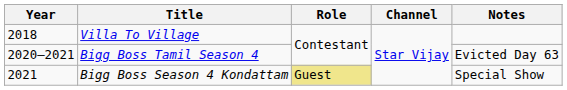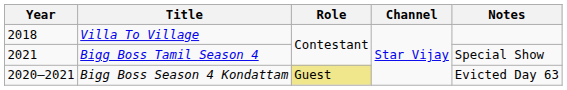 <table class="wikitable sortable">
 <tr style="background:#ccc; text-align:center;">
 <th>Year</th>
 <th>Title</th>
 <th>Role</th>
 <th>Channel</th>
 <th class="unsortable">Notes</th>
 </tr>
 <tr>
 <td>2018</td>
 <td><em><a href='#'>Villa To Village</a></em></td>
 <td rowspan="2">Contestant</td>
 <td rowspan="3"><a href='#'>Star Vijay</a></td>
 <td></td>
 </tr>
 <tr>
+<td>2021</td>
+<td><em><a href='#'>Bigg Boss Tamil Season 4</a></em></td>
+<td>Special Show</td>
+</tr>
+<tr>
 <td>2020–2021</td>
-<td><em><a href='#'>Bigg Boss Tamil Season 4</a></em></td>
+<td><em>Bigg Boss Season 4 Kondattam</em></td>
+<td style="background: khaki;">Guest</td>
 <td>Evicted Day 63</td>
 </tr>
-<tr>
-<td>2021</td>
-<td><em>Bigg Boss Season 4 Kondattam</em></td>
-<td style="background: khaki;">Guest</td>
-<td>Special Show</td>
-</tr>
 </table>
